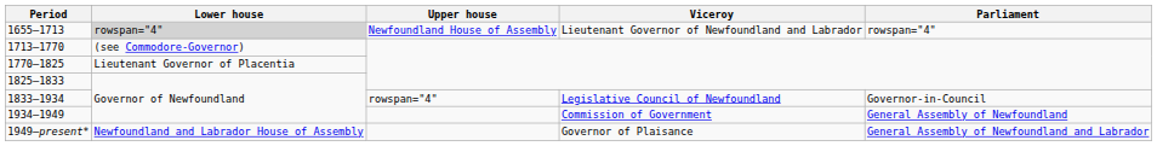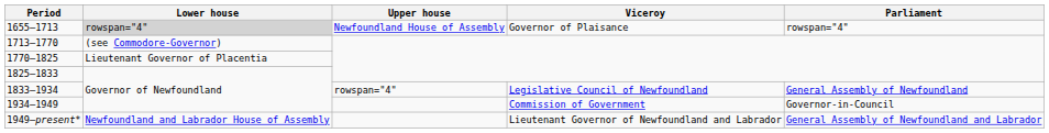 <table class="wikitable">
 <tr>
 <th>Period</th>
 <th>Lower house</th>
 <th>Upper house</th>
 <th>Viceroy</th>
 <th>Parliament</th>
 </tr>
 <tr>
 <td>1655–1713</td>
 <td style="background: lightgrey;">rowspan="4" </td>
 <td><a href='#'>Newfoundland House of Assembly</a></td>
-<td>Lieutenant Governor of Newfoundland and Labrador</td>
+<td>Governor of Plaisance</td>
 <td>rowspan="4" </td>
 </tr>
 <tr>
 <td>1713–1770</td>
 <td> (see <a href='#'>Commodore-Governor</a>)</td>
 </tr>
 <tr>
 <td>1770–1825</td>
 <td>Lieutenant Governor of Placentia</td>
 </tr>
 <tr>
 <td>1825–1833</td>
 <td rowspan="3">Governor of Newfoundland</td>
 </tr>
 <tr>
 <td>1833–1934</td>
 <td>rowspan="4" </td>
 <td><a href='#'>Legislative Council of Newfoundland</a></td>
-<td>Governor-in-Council</td>
+<td><a href='#'>General Assembly of Newfoundland</a></td>
 </tr>
 <tr>
 <td>1934–1949</td>
 <td></td>
 <td><a href='#'>Commission of Government</a></td>
-<td><a href='#'>General Assembly of Newfoundland</a></td>
+<td>Governor-in-Council</td>
 </tr>
 <tr>
 <td>1949–<em>present</em>*</td>
 <td><a href='#'>Newfoundland and Labrador House of Assembly</a></td>
 <td></td>
-<td>Governor of Plaisance</td>
+<td>Lieutenant Governor of Newfoundland and Labrador</td>
 <td><a href='#'>General Assembly of Newfoundland and Labrador</a></td>
 </tr>
 </table>
